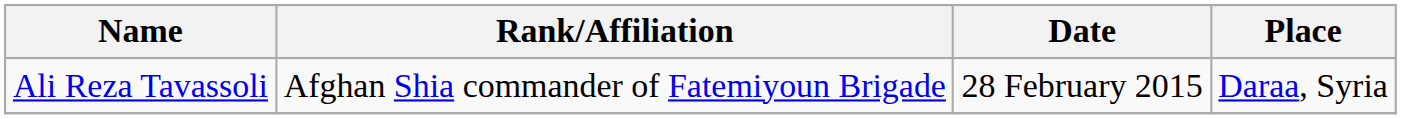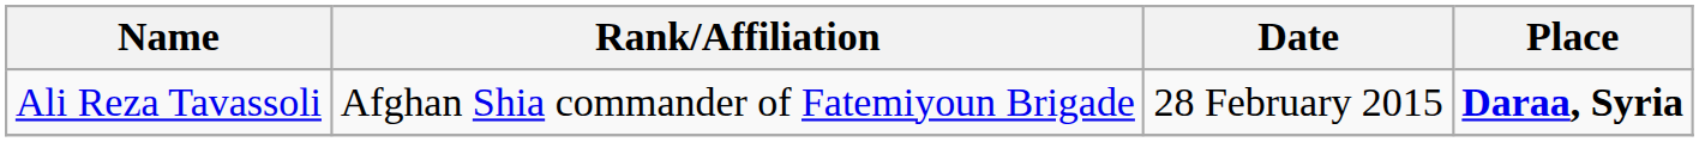 <table class="wikitable" style="text-align:center;">
 <tr>
 <th>Name</th>
 <th>Rank/Affiliation</th>
 <th>Date</th>
 <th>Place</th>
 </tr>
 <tr>
 <td align="left"><a href='#'>Ali Reza Tavassoli</a></td>
 <td align="left">Afghan <a href='#'>Shia</a> commander of <a href='#'>Fatemiyoun Brigade</a></td>
 <td>28 February 2015</td>
-<td><a href='#'>Daraa</a>, Syria</td>
+<td><strong><a href='#'>Daraa</a>, Syria</strong></td>
 </tr>
 <tr>
 </tr>
 </table>
